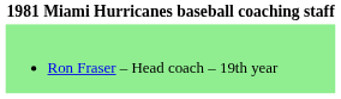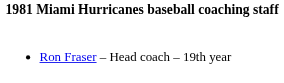 <table class="toccolours">
 <tr>
 <th colspan=9>1981 Miami Hurricanes baseball coaching staff</th>
 </tr>
 <tr>
-<td style="background: lightgreen; text-align: left; font-size: 95%;" valign="top"><br><ul><li><a href='#'>Ron Fraser</a> – Head coach – 19th year</li></ul></td>
+<td style="text-align: left; font-size: 95%;" valign="top"><br><ul><li><a href='#'>Ron Fraser</a> – Head coach – 19th year</li></ul></td>
 </tr>
 </table>
